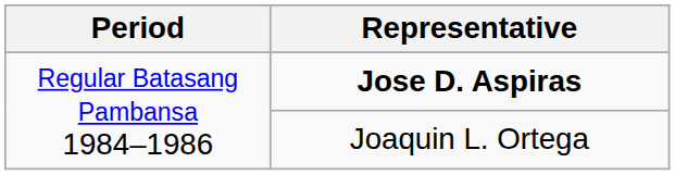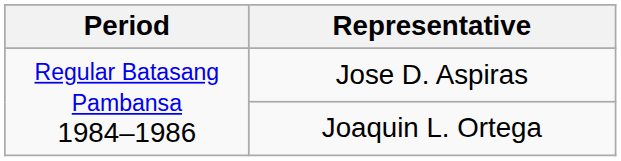 <table class="wikitable" style="text-align:center; width:40%;">
 <tr>
 <th width="40%">Period</th>
 <th>Representative</th>
 </tr>
 <tr>
 <td rowspan="2"><small><a href='#'>Regular Batasang Pambansa</a></small><br>1984–1986</td>
-<td><strong>Jose D. Aspiras</strong></td>
+<td>Jose D. Aspiras</td>
 </tr>
 <tr>
 <td>Joaquin L. Ortega</td>
 </tr>
 </table>
